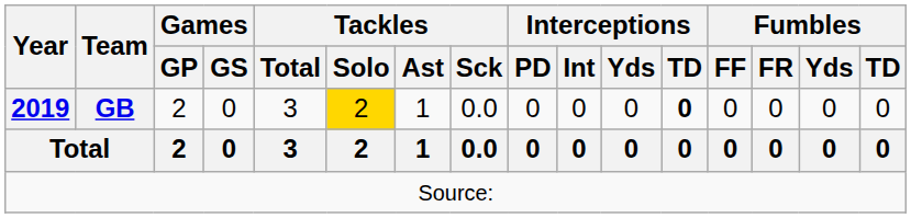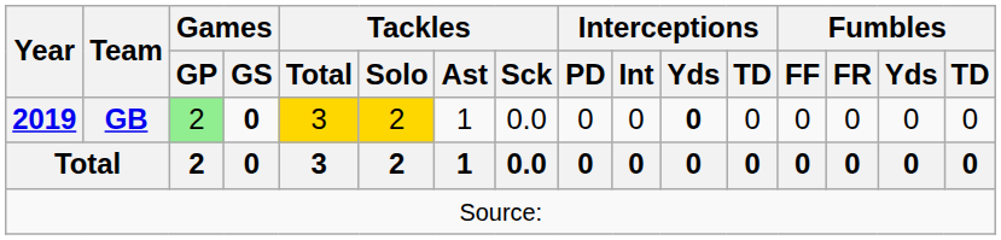 <table class="wikitable" style="text-align:center;">
 <tr>
 <th rowspan="2">Year</th>
 <th rowspan="2">Team</th>
 <th colspan="2">Games</th>
 <th colspan="4">Tackles</th>
 <th colspan="4">Interceptions</th>
 <th colspan="4">Fumbles</th>
 </tr>
 <tr>
 <th>GP</th>
 <th>GS</th>
 <th>Total</th>
 <th>Solo</th>
 <th>Ast</th>
 <th>Sck</th>
 <th>PD</th>
 <th>Int</th>
 <th>Yds</th>
 <th>TD</th>
 <th>FF</th>
 <th>FR</th>
 <th>Yds</th>
 <th>TD</th>
 </tr>
 <tr>
 <th><a href='#'>2019</a></th>
 <th><a href='#'>GB</a></th>
-<td>2</td>
-<td>0</td>
-<td>3</td>
+<td style="background: lightgreen;">2</td>
+<td><strong>0</strong></td>
+<td style="background: gold;">3</td>
 <td style="background: gold;">2</td>
 <td>1</td>
 <td>0.0</td>
 <td>0</td>
 <td>0</td>
+<td><strong>0</strong></td>
 <td>0</td>
-<td><strong>0</strong></td>
 <td>0</td>
 <td>0</td>
 <td>0</td>
 <td>0</td>
 </tr>
 <tr>
 <th colspan=2>Total</th>
 <th>2</th>
 <th>0</th>
 <th>3</th>
 <th>2</th>
 <th>1</th>
 <th>0.0</th>
 <th>0</th>
 <th>0</th>
 <th>0</th>
 <th>0</th>
 <th>0</th>
 <th>0</th>
 <th>0</th>
 <th>0</th>
 </tr>
 <tr>
 <td colspan=16><small>Source: </small></td>
 </tr>
 </table>
